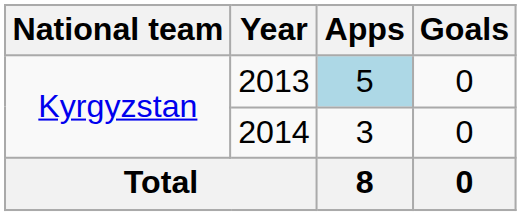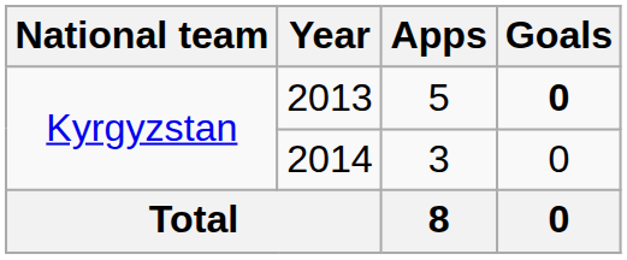 <table class="wikitable" style="text-align:center">
 <tr>
 <th>National team</th>
 <th>Year</th>
 <th>Apps</th>
 <th>Goals</th>
 </tr>
 <tr>
 <td rowspan="2"><a href='#'>Kyrgyzstan</a></td>
 <td>2013</td>
-<td style="background: lightblue;">5</td>
-<td>0</td>
+<td>5</td>
+<td><strong>0</strong></td>
 </tr>
 <tr>
 <td>2014</td>
 <td>3</td>
 <td>0</td>
 </tr>
 <tr>
 <th colspan="2">Total</th>
 <th>8</th>
 <th>0</th>
 </tr>
 </table>
